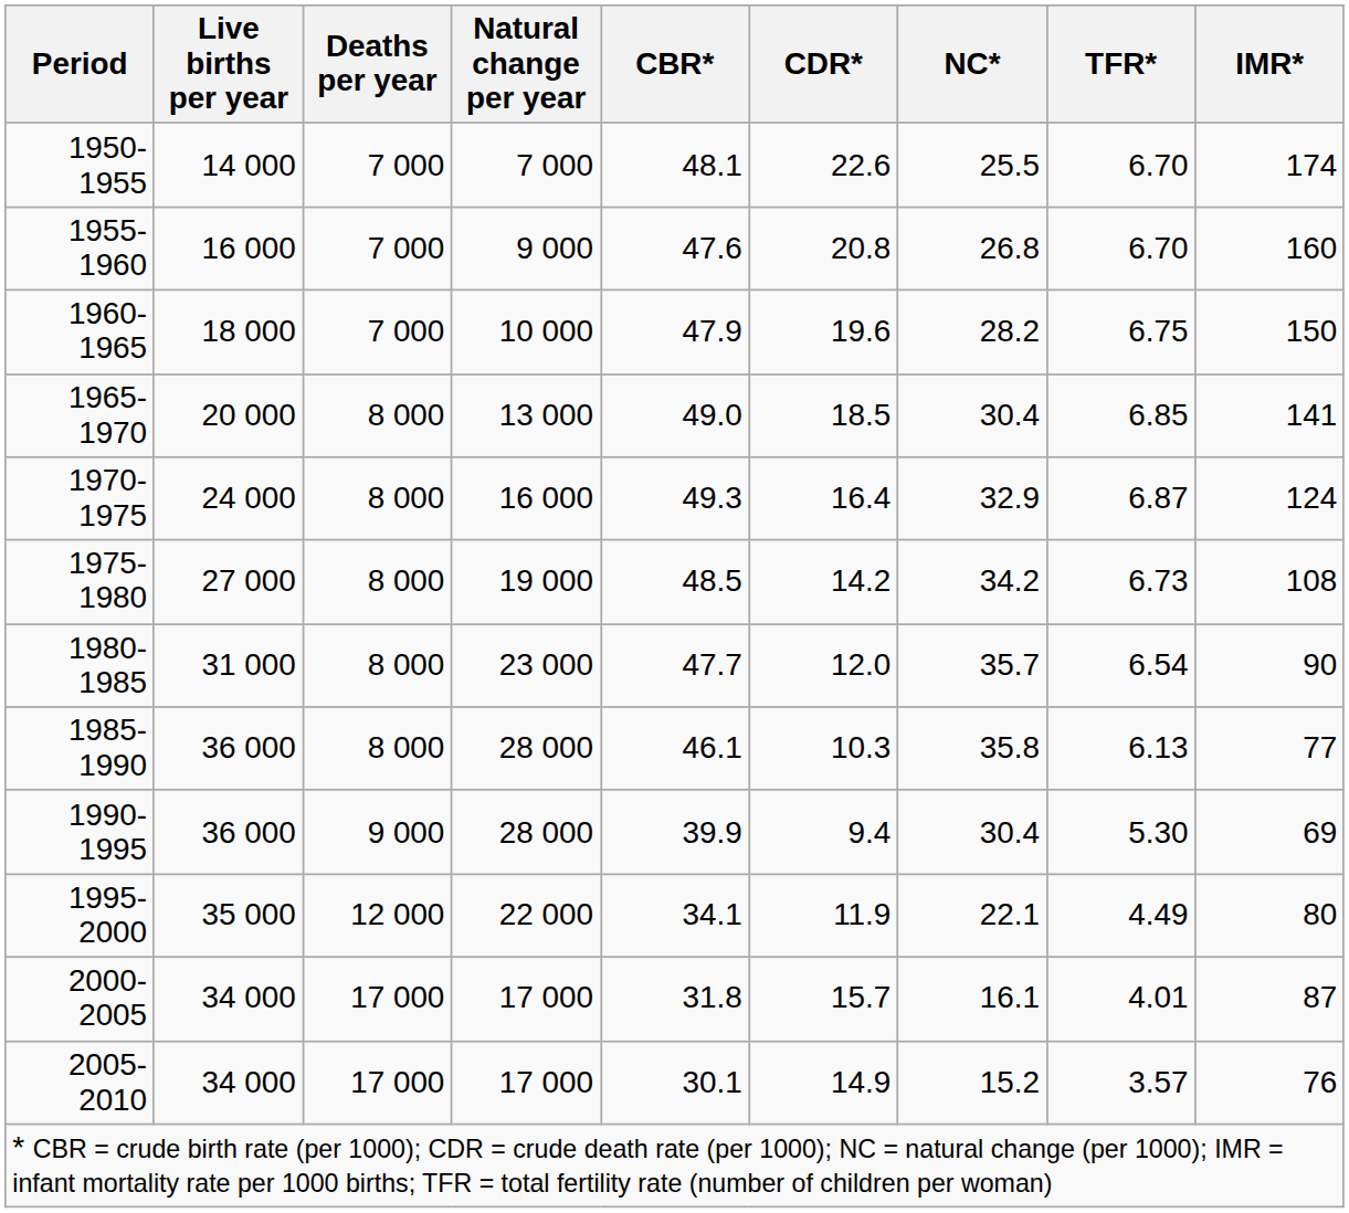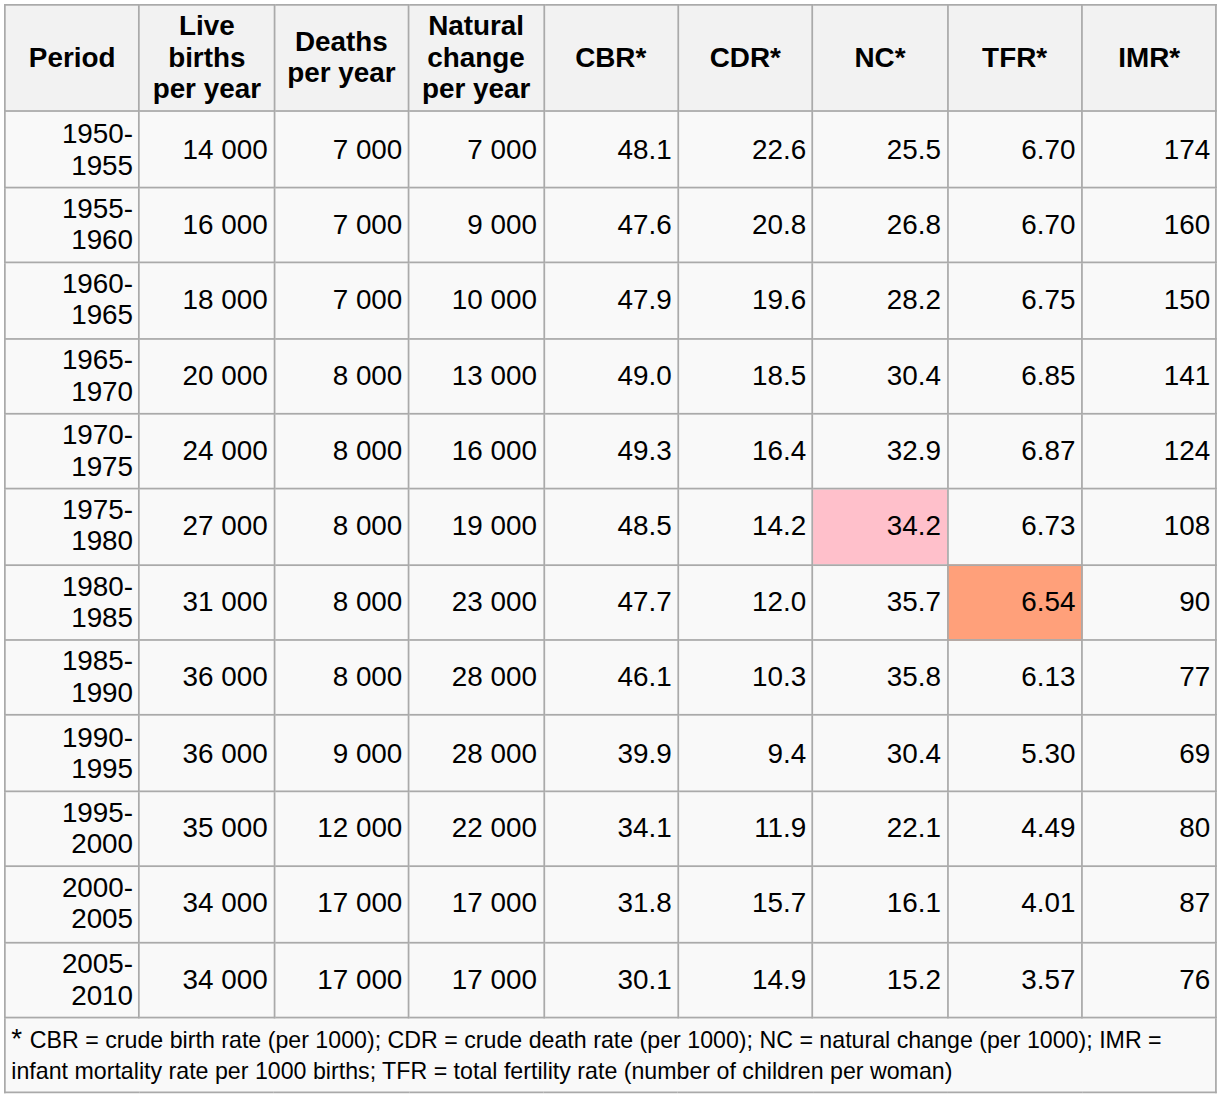 <table class="wikitable" style="text-align: right;">
 <tr>
 <th width="70pt">Period</th>
 <th width="70pt">Live births per year</th>
 <th width="70pt">Deaths per year</th>
 <th width="70pt">Natural change per year</th>
 <th width="70pt">CBR*</th>
 <th width="70pt">CDR*</th>
 <th width="70pt">NC*</th>
 <th width="70pt">TFR*</th>
 <th width="70pt">IMR*</th>
 </tr>
 <tr>
 <td>1950-1955</td>
 <td>14 000</td>
 <td>7 000</td>
 <td>7 000</td>
 <td>48.1</td>
 <td>22.6</td>
 <td>25.5</td>
 <td>6.70</td>
 <td>174</td>
 </tr>
 <tr>
 <td>1955-1960</td>
 <td>16 000</td>
 <td>7 000</td>
 <td>9 000</td>
 <td>47.6</td>
 <td>20.8</td>
 <td>26.8</td>
 <td>6.70</td>
 <td>160</td>
 </tr>
 <tr>
 <td>1960-1965</td>
 <td>18 000</td>
 <td>7 000</td>
 <td>10 000</td>
 <td>47.9</td>
 <td>19.6</td>
 <td>28.2</td>
 <td>6.75</td>
 <td>150</td>
 </tr>
 <tr>
 <td>1965-1970</td>
 <td>20 000</td>
 <td>8 000</td>
 <td>13 000</td>
 <td>49.0</td>
 <td>18.5</td>
 <td>30.4</td>
 <td>6.85</td>
 <td>141</td>
 </tr>
 <tr>
 <td>1970-1975</td>
 <td>24 000</td>
 <td>8 000</td>
 <td>16 000</td>
 <td>49.3</td>
 <td>16.4</td>
 <td>32.9</td>
 <td>6.87</td>
 <td>124</td>
 </tr>
 <tr>
 <td>1975-1980</td>
 <td>27 000</td>
 <td>8 000</td>
 <td>19 000</td>
 <td>48.5</td>
 <td>14.2</td>
-<td>34.2</td>
+<td style="background: pink;">34.2</td>
 <td>6.73</td>
 <td>108</td>
 </tr>
 <tr>
 <td>1980-1985</td>
 <td>31 000</td>
 <td>8 000</td>
 <td>23 000</td>
 <td>47.7</td>
 <td>12.0</td>
 <td>35.7</td>
-<td>6.54</td>
+<td style="background: lightsalmon;">6.54</td>
 <td>90</td>
 </tr>
 <tr>
 <td>1985-1990</td>
 <td>36 000</td>
 <td>8 000</td>
 <td>28 000</td>
 <td>46.1</td>
 <td>10.3</td>
 <td>35.8</td>
 <td>6.13</td>
 <td>77</td>
 </tr>
 <tr>
 <td>1990-1995</td>
 <td>36 000</td>
 <td>9 000</td>
 <td>28 000</td>
 <td>39.9</td>
 <td>9.4</td>
 <td>30.4</td>
 <td>5.30</td>
 <td>69</td>
 </tr>
 <tr>
 <td>1995-2000</td>
 <td>35 000</td>
 <td>12 000</td>
 <td>22 000</td>
 <td>34.1</td>
 <td>11.9</td>
 <td>22.1</td>
 <td>4.49</td>
 <td>80</td>
 </tr>
 <tr>
 <td>2000-2005</td>
 <td>34 000</td>
 <td>17 000</td>
 <td>17 000</td>
 <td>31.8</td>
 <td>15.7</td>
 <td>16.1</td>
 <td>4.01</td>
 <td>87</td>
 </tr>
 <tr>
 <td>2005-2010</td>
 <td>34 000</td>
 <td>17 000</td>
 <td>17 000</td>
 <td>30.1</td>
 <td>14.9</td>
 <td>15.2</td>
 <td>3.57</td>
 <td>76</td>
 </tr>
 <tr>
 <td align="left" colspan="9">* <small> CBR = crude birth rate (per 1000); CDR = crude death rate (per 1000); NC = natural change (per 1000); IMR = infant mortality rate per 1000 births; TFR = total fertility rate (number of children per woman)</small></td>
 </tr>
 </table>
